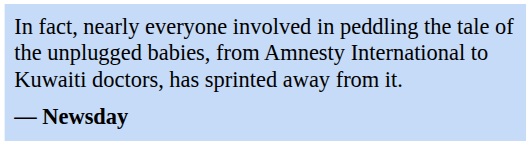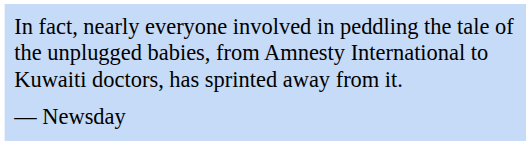 <table class="toccolours" style="float: right; margin-left: 1em; margin-right: 2em; font-size: 85%; background:#c6dbf7; color:black; width:25em; max-width: 25%;" cellspacing="5">
 <tr>
 <td style="text-align: left;">In fact, nearly everyone involved in peddling the tale of the unplugged babies, from Amnesty International to Kuwaiti doctors, has sprinted away from it.</td>
 </tr>
 <tr>
-<td style="text-align: left;"><strong>— Newsday</strong></td>
+<td style="text-align: left;">— Newsday</td>
 </tr>
 </table>
